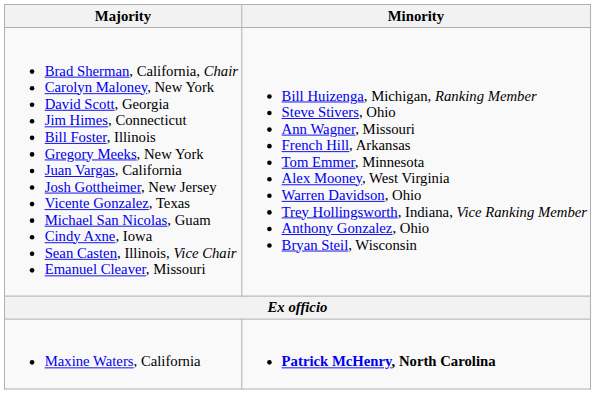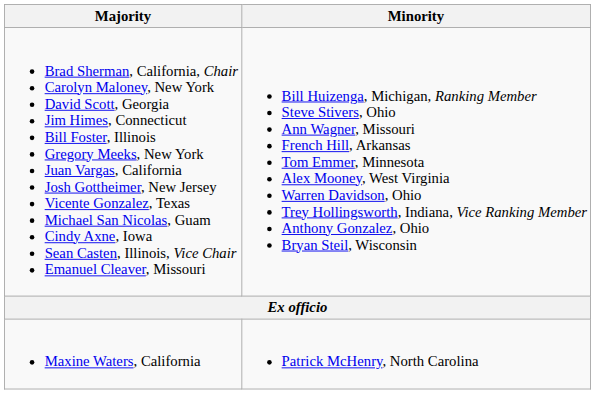 <table class=wikitable>
 <tr>
 <th>Majority</th>
 <th>Minority</th>
 </tr>
 <tr>
 <td><br><ul><li><a href='#'>Brad Sherman</a>, California, <em>Chair</em></li><li><a href='#'>Carolyn Maloney</a>, New York</li><li><a href='#'>David Scott</a>, Georgia</li><li><a href='#'>Jim Himes</a>, Connecticut</li><li><a href='#'>Bill Foster</a>, Illinois</li><li><a href='#'>Gregory Meeks</a>, New York</li><li><a href='#'>Juan Vargas</a>, California</li><li><a href='#'>Josh Gottheimer</a>, New Jersey</li><li><a href='#'>Vicente Gonzalez</a>, Texas</li><li><a href='#'>Michael San Nicolas</a>, Guam</li><li><a href='#'>Cindy Axne</a>, Iowa</li><li><a href='#'>Sean Casten</a>, Illinois, <em>Vice Chair</em></li><li><a href='#'>Emanuel Cleaver</a>, Missouri</li></ul></td>
 <td><br><ul><li><a href='#'>Bill Huizenga</a>, Michigan, <em>Ranking Member</em></li><li><a href='#'>Steve Stivers</a>, Ohio</li><li><a href='#'>Ann Wagner</a>, Missouri</li><li><a href='#'>French Hill</a>, Arkansas</li><li><a href='#'>Tom Emmer</a>, Minnesota</li><li><a href='#'>Alex Mooney</a>, West Virginia</li><li><a href='#'>Warren Davidson</a>, Ohio</li><li><a href='#'>Trey Hollingsworth</a>, Indiana, <em>Vice Ranking Member</em></li><li><a href='#'>Anthony Gonzalez</a>, Ohio</li><li><a href='#'>Bryan Steil</a>, Wisconsin</li></ul></td>
 </tr>
 <tr>
 <th colspan=2><em>Ex officio</em></th>
 </tr>
 <tr>
 <td><br><ul><li><a href='#'>Maxine Waters</a>, California</li></ul></td>
-<td><strong><br><ul><li><a href='#'>Patrick McHenry</a>, North Carolina</li></ul></strong></td>
+<td><br><ul><li><a href='#'>Patrick McHenry</a>, North Carolina</li></ul></td>
 </tr>
 </table>
